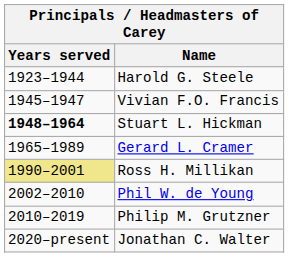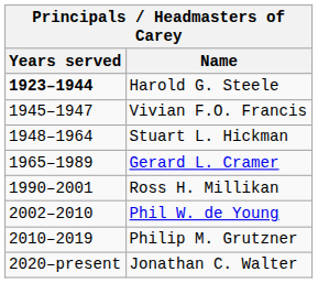 <table class="wikitable">
 <tr>
 <th colspan=4 width=250>Principals / Headmasters of Carey</th>
 </tr>
 <tr>
 <th>Years served</th>
 <th>Name</th>
 </tr>
 <tr>
-<td>1923–1944</td>
+<td><strong>1923–1944</strong></td>
 <td>Harold G. Steele</td>
 </tr>
 <tr>
 <td>1945–1947</td>
 <td>Vivian F.O. Francis</td>
 </tr>
 <tr>
-<td><strong>1948–1964</strong></td>
+<td>1948–1964</td>
 <td>Stuart L. Hickman</td>
 </tr>
 <tr>
 <td>1965–1989</td>
 <td><a href='#'>Gerard L. Cramer</a></td>
 </tr>
 <tr>
-<td style="background: khaki;">1990–2001</td>
+<td>1990–2001</td>
 <td>Ross H. Millikan</td>
 </tr>
 <tr>
 <td>2002–2010</td>
 <td><a href='#'>Phil W. de Young</a></td>
 </tr>
 <tr>
 <td>2010–2019</td>
 <td>Philip M. Grutzner</td>
 </tr>
 <tr>
 <td>2020–present</td>
 <td>Jonathan C. Walter</td>
 </tr>
 </table>
